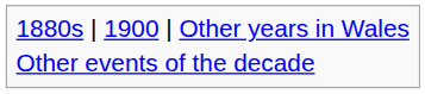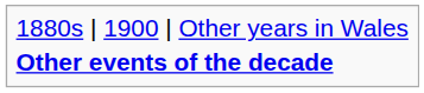 <table class="infobox" id="toc">
 <tr>
 <td align="left"><a href='#'>1880s</a> | <a href='#'>1900</a> | <a href='#'>Other years in Wales</a></td>
 </tr>
 <tr>
-<td><a href='#'>Other events of the decade</a></td>
+<td><strong><a href='#'>Other events of the decade</a></strong></td>
 </tr>
 </table>
